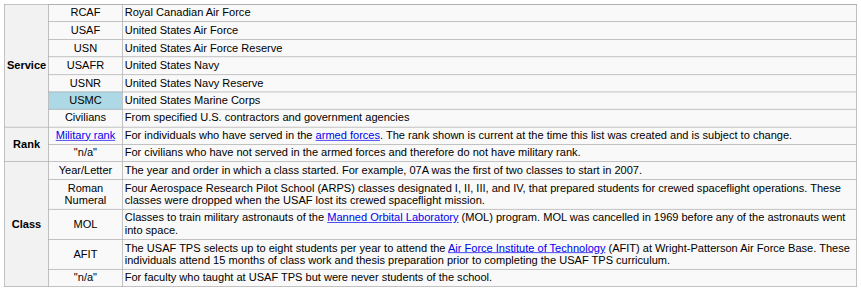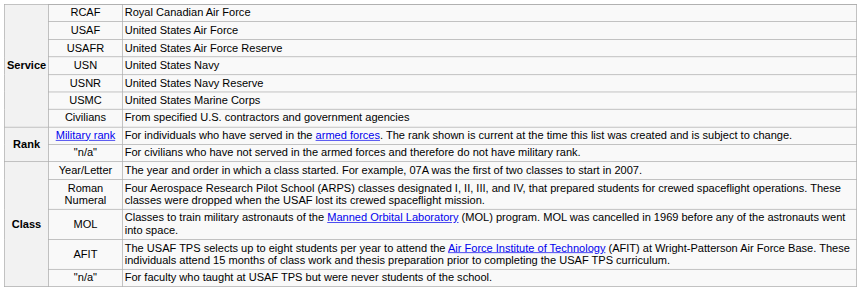 <table class="wikitable" style="width:78%;">
 <tr>
 <th rowspan="8">Service</th>
 </tr>
 <tr>
 <td style="text-align:center;">RCAF</td>
 <td>Royal Canadian Air Force</td>
 </tr>
 <tr>
 <td style="text-align:center;">USAF</td>
 <td>United States Air Force</td>
 </tr>
 <tr>
-<td style="text-align:center;">USN</td>
+<td style="text-align:center;">USAFR</td>
 <td>United States Air Force Reserve</td>
 </tr>
 <tr>
-<td style="text-align:center;">USAFR</td>
+<td style="text-align:center;">USN</td>
 <td>United States Navy</td>
 </tr>
 <tr>
 <td style="text-align:center;">USNR</td>
 <td>United States Navy Reserve</td>
 </tr>
 <tr>
-<td style="background: lightblue; text-align:center;">USMC</td>
+<td style="text-align:center;">USMC</td>
 <td>United States Marine Corps</td>
 </tr>
 <tr>
 <td style="text-align:center;">Civilians</td>
 <td>From specified U.S. contractors and government agencies</td>
 </tr>
 <tr>
 <th rowspan="2">Rank</th>
 <td style="text-align:center;"><a href='#'>Military rank</a></td>
 <td>For individuals who have served in the <a href='#'>armed forces</a>. The rank shown is current at the time this list was created and is subject to change.</td>
 </tr>
 <tr>
 <td style="text-align:center;">"n/a"</td>
 <td>For civilians who have not served in the armed forces and therefore do not have military rank.</td>
 </tr>
 <tr>
 <th rowspan="5">Class</th>
 <td style="text-align:center;">Year/Letter</td>
 <td>The year and order in which a class started. For example, 07A was the first of two classes to start in 2007.</td>
 </tr>
 <tr>
 <td style="text-align:center;">Roman Numeral</td>
 <td>Four Aerospace Research Pilot School (ARPS) classes designated I, II, III, and IV, that prepared students for crewed spaceflight operations. These classes were dropped when the USAF lost its crewed spaceflight mission.</td>
 </tr>
 <tr>
 <td style="text-align:center;">MOL</td>
 <td>Classes to train military astronauts of the <a href='#'>Manned Orbital Laboratory</a> (MOL) program. MOL was cancelled in 1969 before any of the astronauts went into space.</td>
 </tr>
 <tr>
 <td style="text-align:center;">AFIT</td>
 <td>The USAF TPS selects up to eight students per year to attend the <a href='#'>Air Force Institute of Technology</a> (AFIT) at Wright-Patterson Air Force Base. These individuals attend 15 months of class work and thesis preparation prior to completing the USAF TPS curriculum.</td>
 </tr>
 <tr>
 <td style="text-align:center;">"n/a"</td>
 <td>For faculty who taught at USAF TPS but were never students of the school.</td>
 </tr>
 </table>
